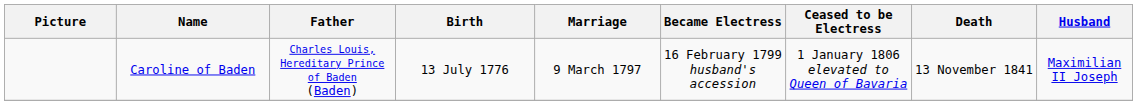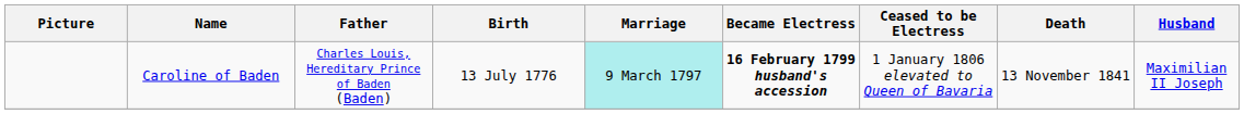 <table width=95% class="wikitable">
 <tr>
 <th width = "8%">Picture</th>
 <th width = "11%">Name</th>
 <th width = "9%">Father</th>
 <th width = "10%">Birth</th>
 <th width = "9%">Marriage</th>
 <th width = "9%">Became Electress</th>
 <th width = "9%">Ceased to be Electress</th>
 <th width = "9%">Death</th>
 <th width = "6%"><a href='#'>Husband</a></th>
 </tr>
 <tr>
 <td align="center"></td>
 <td align="center"><a href='#'>Caroline of Baden</a></td>
 <td align="center"><small><a href='#'>Charles Louis, Hereditary Prince of Baden</a></small> <br> (<a href='#'>Baden</a>)</td>
 <td align="center">13 July 1776</td>
-<td align="center">9 March 1797</td>
-<td align="center">16 February 1799<br><em>husband's accession</em></td>
+<td align="center" style="background: paleturquoise;">9 March 1797</td>
+<td align="center"><strong>16 February 1799<br><em>husband's accession</em></strong></td>
 <td align="center">1 January 1806<br><em>elevated to <a href='#'>Queen of Bavaria</a></em></td>
 <td align="center">13 November 1841</td>
 <td align="center"><a href='#'>Maximilian II Joseph</a></td>
 </tr>
 <tr>
 </tr>
 </table>
